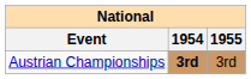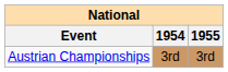 <table class="wikitable" style="text-align:center">
 <tr>
 <th style="background-color: #ffdead; " colspan=3 align=center>National</th>
 </tr>
 <tr>
 <th>Event</th>
 <th>1954</th>
 <th>1955</th>
 </tr>
 <tr>
 <td align=left><a href='#'>Austrian Championships</a></td>
-<td bgcolor=cc9966><strong>3rd</strong></td>
+<td bgcolor=cc9966>3rd</td>
 <td bgcolor=cc9966>3rd</td>
 </tr>
 </table>
